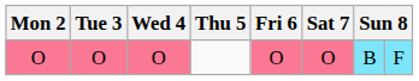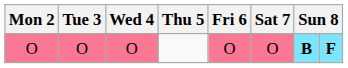 <table class="wikitable" style="margin:0.5em auto; font-size:90%; line-height:1.25em; text-align:center">
 <tr>
 <th>Mon 2</th>
 <th>Tue 3</th>
 <th>Wed 4</th>
 <th>Thu 5</th>
 <th>Fri 6</th>
 <th>Sat 7</th>
 <th colspan=2>Sun 8</th>
 </tr>
 <tr>
 <td bgcolor="#FA7894">O</td>
 <td bgcolor="#FA7894">O</td>
 <td bgcolor="#FA7894">O</td>
 <td></td>
 <td bgcolor="#FA7894">O</td>
 <td bgcolor="#FA7894">O</td>
-<td bgcolor="#7DE5FA">B</td>
-<td bgcolor="#7DE5FA">F</td>
+<td bgcolor="#7DE5FA"><strong>B</strong></td>
+<td bgcolor="#7DE5FA"><strong>F</strong></td>
 </tr>
 </table>
